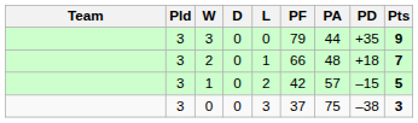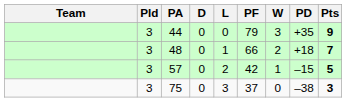 <table class="wikitable" style="text-align:center;">
 <tr>
 <th width=175>Team</th>
 <th width=25 abbr="Played">Pld</th>
-<th width=25 abbr="Won">W</th>
+<th width=32 abbr="Points against">PA</th>
 <th width=25 abbr="Drawn">D</th>
 <th width=25 abbr="Lost">L</th>
 <th width=32 abbr="Points for">PF</th>
-<th width=32 abbr="Points against">PA</th>
+<th width=25 abbr="Won">W</th>
 <th width=32 abbr="Points difference">PD</th>
 <th width=25 abbr="Points">Pts</th>
 </tr>
 <tr bgcolor=ccffcc>
 <td align=left></td>
 <td>3</td>
-<td>3</td>
+<td>44</td>
 <td>0</td>
 <td>0</td>
 <td>79</td>
-<td>44</td>
+<td>3</td>
 <td>+35</td>
 <td><strong>9</strong></td>
 </tr>
 <tr bgcolor=ccffcc>
 <td align=left></td>
 <td>3</td>
-<td>2</td>
+<td>48</td>
 <td>0</td>
 <td>1</td>
 <td>66</td>
-<td>48</td>
+<td>2</td>
 <td>+18</td>
 <td><strong>7</strong></td>
 </tr>
 <tr bgcolor=ccffcc>
 <td align=left></td>
 <td>3</td>
-<td>1</td>
+<td>57</td>
 <td>0</td>
 <td>2</td>
 <td>42</td>
-<td>57</td>
+<td>1</td>
 <td>–15</td>
 <td><strong>5</strong></td>
 </tr>
 <tr>
 <td align=left></td>
 <td>3</td>
-<td>0</td>
+<td>75</td>
 <td>0</td>
 <td>3</td>
 <td>37</td>
-<td>75</td>
+<td>0</td>
 <td>–38</td>
 <td><strong>3</strong></td>
 </tr>
 </table>
